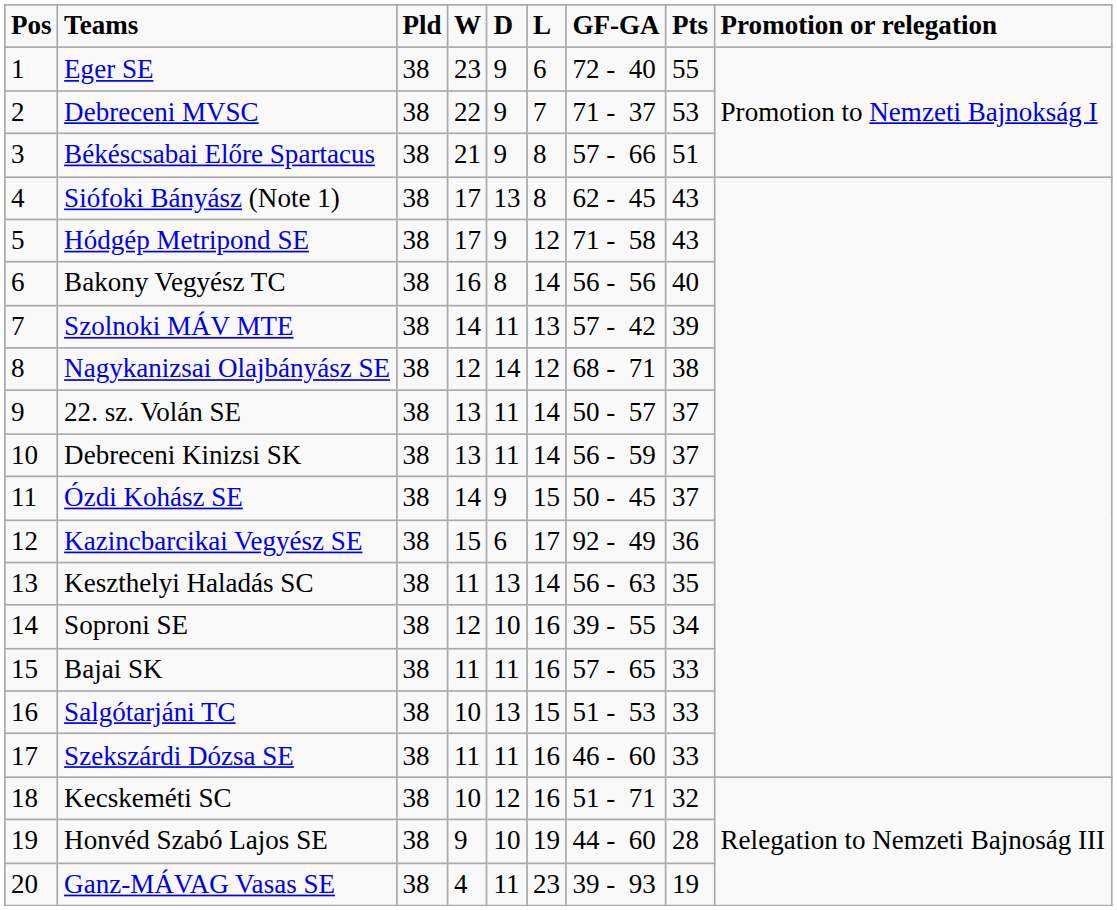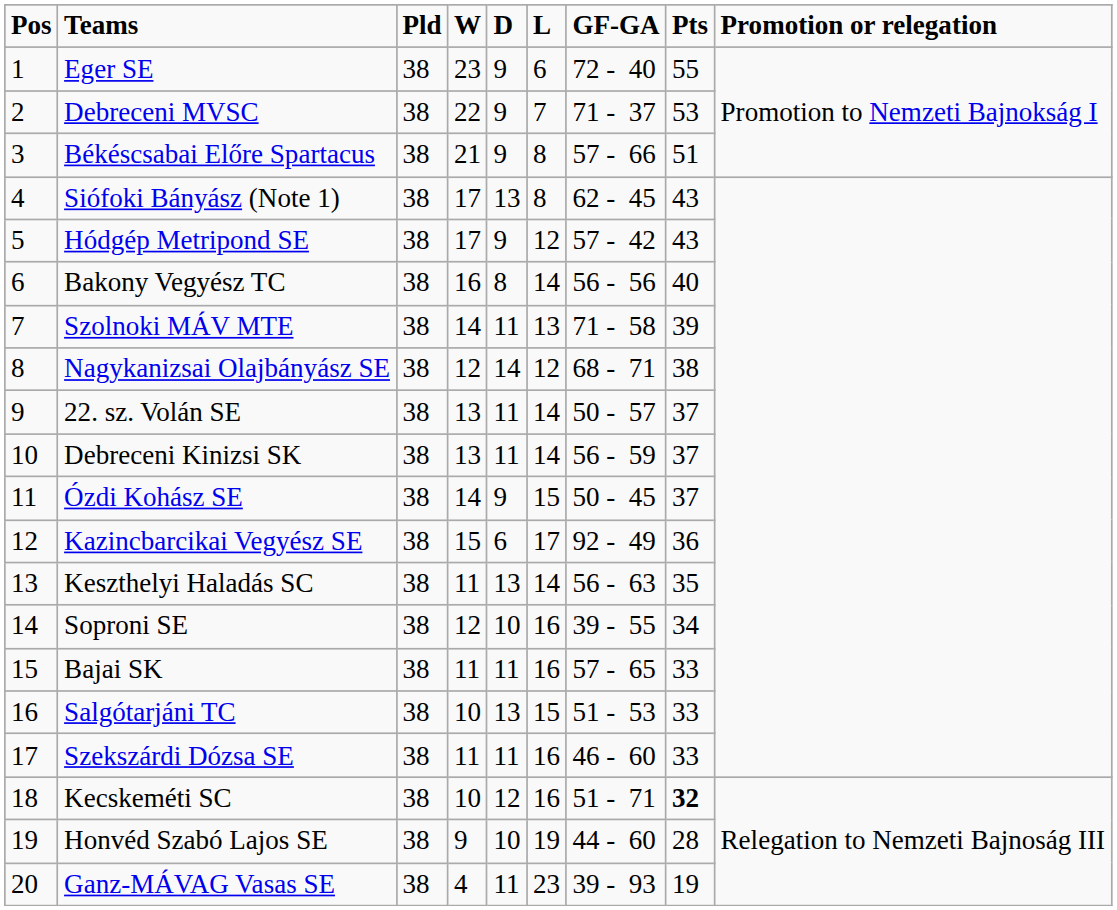 <table class="wikitable">
 <tr>
 <td><strong>Pos</strong></td>
 <td><strong>Teams</strong></td>
 <td><strong>Pld</strong></td>
 <td><strong>W</strong></td>
 <td><strong>D</strong></td>
 <td><strong>L</strong></td>
 <td><strong>GF-GA</strong></td>
 <td><strong>Pts</strong></td>
 <td><strong>Promotion or relegation</strong></td>
 </tr>
 <tr>
 <td>1</td>
 <td><a href='#'>Eger SE</a></td>
 <td>38</td>
 <td>23</td>
 <td>9</td>
 <td>6</td>
 <td>72 -  40</td>
 <td>55</td>
 <td rowspan="3">Promotion to <a href='#'>Nemzeti Bajnokság I</a></td>
 </tr>
 <tr>
 <td>2</td>
 <td><a href='#'>Debreceni MVSC</a></td>
 <td>38</td>
 <td>22</td>
 <td>9</td>
 <td>7</td>
 <td>71 -  37</td>
 <td>53</td>
 </tr>
 <tr>
 <td>3</td>
 <td><a href='#'>Békéscsabai Előre Spartacus</a></td>
 <td>38</td>
 <td>21</td>
 <td>9</td>
 <td>8</td>
 <td>57 -  66</td>
 <td>51</td>
 </tr>
 <tr>
 <td>4</td>
 <td><a href='#'>Siófoki Bányász</a> (Note 1)</td>
 <td>38</td>
 <td>17</td>
 <td>13</td>
 <td>8</td>
 <td>62 -  45</td>
 <td>43</td>
 <td rowspan="14"></td>
 </tr>
 <tr>
 <td>5</td>
 <td><a href='#'>Hódgép Metripond SE</a></td>
 <td>38</td>
 <td>17</td>
 <td>9</td>
 <td>12</td>
-<td>71 -  58</td>
+<td>57 -  42</td>
 <td>43</td>
 </tr>
 <tr>
 <td>6</td>
 <td>Bakony Vegyész TC</td>
 <td>38</td>
 <td>16</td>
 <td>8</td>
 <td>14</td>
 <td>56 -  56</td>
 <td>40</td>
 </tr>
 <tr>
 <td>7</td>
 <td><a href='#'>Szolnoki MÁV MTE</a></td>
 <td>38</td>
 <td>14</td>
 <td>11</td>
 <td>13</td>
-<td>57 -  42</td>
+<td>71 -  58</td>
 <td>39</td>
 </tr>
 <tr>
 <td>8</td>
 <td><a href='#'>Nagykanizsai Olajbányász SE</a></td>
 <td>38</td>
 <td>12</td>
 <td>14</td>
 <td>12</td>
 <td>68 -  71</td>
 <td>38</td>
 </tr>
 <tr>
 <td>9</td>
 <td>22. sz. Volán SE</td>
 <td>38</td>
 <td>13</td>
 <td>11</td>
 <td>14</td>
 <td>50 -  57</td>
 <td>37</td>
 </tr>
 <tr>
 <td>10</td>
 <td>Debreceni Kinizsi SK</td>
 <td>38</td>
 <td>13</td>
 <td>11</td>
 <td>14</td>
 <td>56 -  59</td>
 <td>37</td>
 </tr>
 <tr>
 <td>11</td>
 <td><a href='#'>Ózdi Kohász SE</a></td>
 <td>38</td>
 <td>14</td>
 <td>9</td>
 <td>15</td>
 <td>50 -  45</td>
 <td>37</td>
 </tr>
 <tr>
 <td>12</td>
 <td><a href='#'>Kazincbarcikai Vegyész SE</a></td>
 <td>38</td>
 <td>15</td>
 <td>6</td>
 <td>17</td>
 <td>92 -  49</td>
 <td>36</td>
 </tr>
 <tr>
 <td>13</td>
 <td>Keszthelyi Haladás SC</td>
 <td>38</td>
 <td>11</td>
 <td>13</td>
 <td>14</td>
 <td>56 -  63</td>
 <td>35</td>
 </tr>
 <tr>
 <td>14</td>
 <td>Soproni SE</td>
 <td>38</td>
 <td>12</td>
 <td>10</td>
 <td>16</td>
 <td>39 -  55</td>
 <td>34</td>
 </tr>
 <tr>
 <td>15</td>
 <td>Bajai SK</td>
 <td>38</td>
 <td>11</td>
 <td>11</td>
 <td>16</td>
 <td>57 -  65</td>
 <td>33</td>
 </tr>
 <tr>
 <td>16</td>
 <td><a href='#'>Salgótarjáni TC</a></td>
 <td>38</td>
 <td>10</td>
 <td>13</td>
 <td>15</td>
 <td>51 -  53</td>
 <td>33</td>
 </tr>
 <tr>
 <td>17</td>
 <td><a href='#'>Szekszárdi Dózsa SE</a></td>
 <td>38</td>
 <td>11</td>
 <td>11</td>
 <td>16</td>
 <td>46 -  60</td>
 <td>33</td>
 </tr>
 <tr>
 <td>18</td>
 <td>Kecskeméti SC</td>
 <td>38</td>
 <td>10</td>
 <td>12</td>
 <td>16</td>
 <td>51 -  71</td>
-<td>32</td>
+<td><strong>32</strong></td>
 <td rowspan="3">Relegation to Nemzeti Bajnoság III</td>
 </tr>
 <tr>
 <td>19</td>
 <td>Honvéd Szabó Lajos SE</td>
 <td>38</td>
 <td>9</td>
 <td>10</td>
 <td>19</td>
 <td>44 -  60</td>
 <td>28</td>
 </tr>
 <tr>
 <td>20</td>
 <td><a href='#'>Ganz-MÁVAG Vasas SE</a></td>
 <td>38</td>
 <td>4</td>
 <td>11</td>
 <td>23</td>
 <td>39 -  93</td>
 <td>19</td>
 </tr>
 </table>
